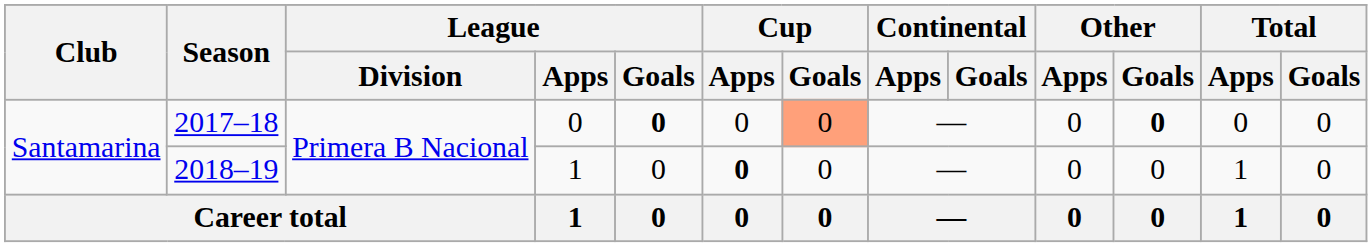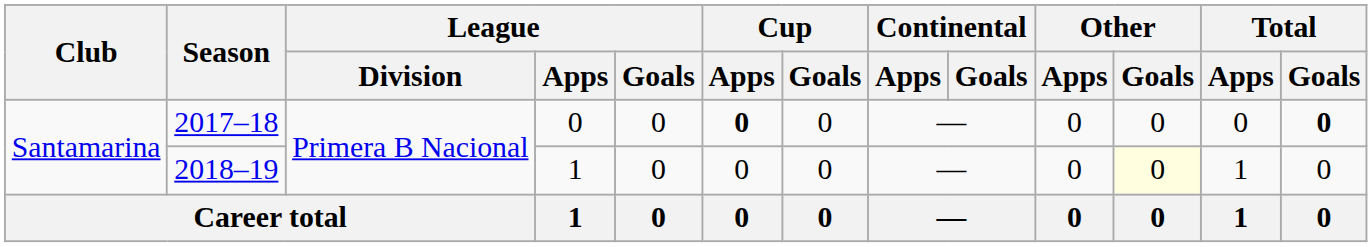 <table class="wikitable" style="text-align:center">
 <tr>
 <th rowspan="2">Club</th>
 <th rowspan="2">Season</th>
 <th colspan="3">League</th>
 <th colspan="2">Cup</th>
 <th colspan="2">Continental</th>
 <th colspan="2">Other</th>
 <th colspan="2">Total</th>
 </tr>
 <tr>
 <th>Division</th>
 <th>Apps</th>
 <th>Goals</th>
 <th>Apps</th>
 <th>Goals</th>
 <th>Apps</th>
 <th>Goals</th>
 <th>Apps</th>
 <th>Goals</th>
 <th>Apps</th>
 <th>Goals</th>
 </tr>
 <tr>
 <td rowspan="2"><a href='#'>Santamarina</a></td>
 <td><a href='#'>2017–18</a></td>
 <td rowspan="2"><a href='#'>Primera B Nacional</a></td>
 <td>0</td>
-<td><strong>0</strong></td>
-<td>0</td>
-<td style="background: lightsalmon;">0</td>
-<td colspan="2">—</td>
-<td>0</td>
-<td><strong>0</strong></td>
-<td>0</td>
-<td>0</td>
-</tr>
-<tr>
-<td><a href='#'>2018–19</a></td>
-<td>1</td>
 <td>0</td>
 <td><strong>0</strong></td>
 <td>0</td>
 <td colspan="2">—</td>
 <td>0</td>
 <td>0</td>
+<td>0</td>
+<td><strong>0</strong></td>
+</tr>
+<tr>
+<td><a href='#'>2018–19</a></td>
+<td>1</td>
+<td>0</td>
+<td>0</td>
+<td>0</td>
+<td colspan="2">—</td>
+<td>0</td>
+<td style="background: lightyellow;">0</td>
 <td>1</td>
 <td>0</td>
 </tr>
 <tr>
 <th colspan="3">Career total</th>
 <th>1</th>
 <th>0</th>
 <th>0</th>
 <th>0</th>
 <th colspan="2">—</th>
 <th>0</th>
 <th>0</th>
 <th>1</th>
 <th>0</th>
 </tr>
 </table>
